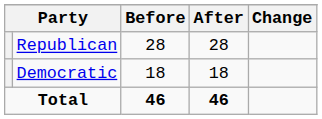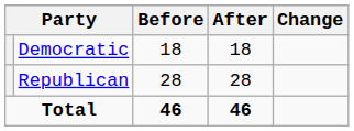 <table class="wikitable" style="text-align:center;">
 <tr>
 </tr>
 <tr>
 <th colspan=2>Party</th>
 <th>Before</th>
 <th>After</th>
 <th>Change</th>
 </tr>
 <tr>
 <th style="background-color:"></th>
-<td style="text-align:left;"><a href='#'>Republican</a></td>
-<td>28</td>
-<td>28</td>
+<td style="text-align:left;"><a href='#'>Democratic</a></td>
+<td>18</td>
+<td>18</td>
 <td></td>
 </tr>
 <tr>
 <th style="background-color:"></th>
-<td style="text-align:left;"><a href='#'>Democratic</a></td>
-<td>18</td>
-<td>18</td>
+<td style="text-align:left;"><a href='#'>Republican</a></td>
+<td>28</td>
+<td>28</td>
 <td></td>
 </tr>
 <tr>
 <td colspan=2><strong>Total</strong></td>
 <td><strong>46</strong></td>
 <td><strong>46</strong></td>
 <td></td>
 </tr>
 </table>
